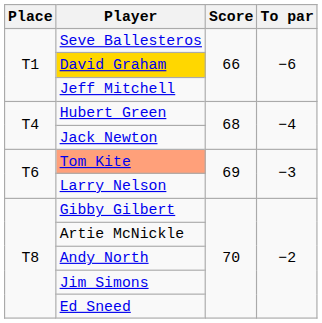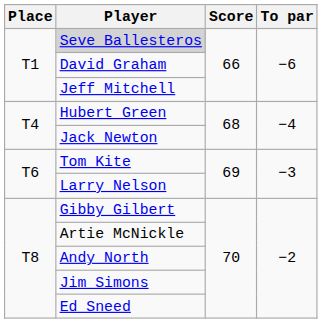 <table class="wikitable">
 <tr>
 <th>Place</th>
 <th>Player</th>
 <th>Score</th>
 <th>To par</th>
 </tr>
 <tr>
 <td rowspan=3 align="center">T1</td>
-<td> <a href='#'>Seve Ballesteros</a></td>
+<td style="background: lightgrey;"> <a href='#'>Seve Ballesteros</a></td>
 <td rowspan=3 align="center">66</td>
 <td rowspan=3 align="center">−6</td>
 </tr>
 <tr>
-<td style="background: gold;"> <a href='#'>David Graham</a></td>
+<td> <a href='#'>David Graham</a></td>
 </tr>
 <tr>
 <td> <a href='#'>Jeff Mitchell</a></td>
 </tr>
 <tr>
 <td rowspan=2 align="center">T4</td>
 <td> <a href='#'>Hubert Green</a></td>
 <td rowspan=2 align="center">68</td>
 <td rowspan=2 align="center">−4</td>
 </tr>
 <tr>
 <td> <a href='#'>Jack Newton</a></td>
 </tr>
 <tr>
 <td rowspan=2 align="center">T6</td>
-<td style="background: lightsalmon;"> <a href='#'>Tom Kite</a></td>
+<td> <a href='#'>Tom Kite</a></td>
 <td rowspan=2 align="center">69</td>
 <td rowspan=2 align="center">−3</td>
 </tr>
 <tr>
 <td> <a href='#'>Larry Nelson</a></td>
 </tr>
 <tr>
 <td rowspan=5 align="center">T8</td>
 <td> <a href='#'>Gibby Gilbert</a></td>
 <td rowspan=5 align="center">70</td>
 <td rowspan=5 align="center">−2</td>
 </tr>
 <tr>
 <td> Artie McNickle</td>
 </tr>
 <tr>
 <td> <a href='#'>Andy North</a></td>
 </tr>
 <tr>
 <td> <a href='#'>Jim Simons</a></td>
 </tr>
 <tr>
 <td> <a href='#'>Ed Sneed</a></td>
 </tr>
 </table>
